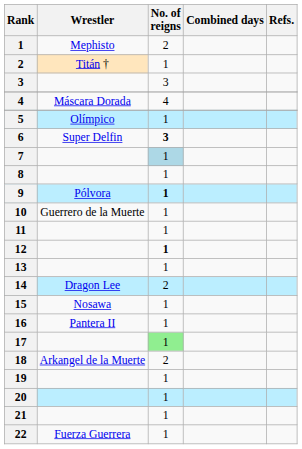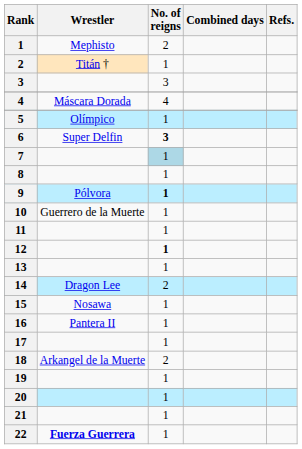 <table class="wikitable sortable" style="text-align: center">
 <tr>
 <th>Rank</th>
 <th>Wrestler</th>
 <th>No. of<br>reigns</th>
 <th>Combined days</th>
 <th>Refs.</th>
 </tr>
 <tr>
 <th scope="row">1</th>
 <td><a href='#'>Mephisto</a></td>
 <td>2</td>
 <td></td>
 <td></td>
 </tr>
 <tr>
 <th scope="row">2</th>
 <td style="background-color:#FFE6BD"><a href='#'>Titán</a> †</td>
 <td>1</td>
 <td></td>
 <td></td>
 </tr>
 <tr>
 <th scope="row">3</th>
 <td></td>
 <td>3</td>
 <td></td>
 <td></td>
 </tr>
 <tr bgcolor="#FFE6BD">
 </tr>
 <tr>
 <th scope="row">4</th>
 <td><a href='#'>Máscara Dorada</a></td>
 <td>4</td>
 <td></td>
 <td></td>
 </tr>
 <tr>
 </tr>
 <tr style="background-color:#bbeeff">
 <th scope="row">5</th>
 <td><a href='#'>Olímpico</a></td>
 <td>1</td>
 <td></td>
 <td></td>
 </tr>
 <tr>
 <th scope="row">6</th>
 <td><a href='#'>Super Delfin</a></td>
 <td><strong>3</strong></td>
 <td></td>
 <td></td>
 </tr>
 <tr>
 <th scope="row">7</th>
 <td></td>
 <td style="background: lightblue;">1</td>
 <td></td>
 <td></td>
 </tr>
 <tr>
 <th scope="row">8</th>
 <td></td>
 <td>1</td>
 <td></td>
 <td></td>
 </tr>
 <tr style="background-color:#bbeeff">
 <th scope="row">9</th>
 <td><a href='#'>Pólvora</a></td>
 <td><strong>1</strong></td>
 <td></td>
 <td></td>
 </tr>
 <tr>
 <th scope="row">10</th>
 <td>Guerrero de la Muerte</td>
 <td>1</td>
 <td></td>
 <td></td>
 </tr>
 <tr>
 <th scope="row">11</th>
 <td></td>
 <td>1</td>
 <td></td>
 <td></td>
 </tr>
 <tr>
 <th scope="row">12</th>
 <td></td>
 <td><strong>1</strong></td>
 <td></td>
 <td></td>
 </tr>
 <tr>
 <th scope="row">13</th>
 <td></td>
 <td>1</td>
 <td></td>
 <td></td>
 </tr>
 <tr style="background-color:#bbeeff">
 <th scope="row">14</th>
 <td><a href='#'>Dragon Lee</a></td>
 <td>2</td>
 <td></td>
 <td></td>
 </tr>
 <tr>
 <th scope="row">15</th>
 <td><a href='#'>Nosawa</a></td>
 <td>1</td>
 <td></td>
 <td></td>
 </tr>
 <tr>
 <th scope="row">16</th>
 <td><a href='#'>Pantera II</a></td>
 <td>1</td>
 <td></td>
 <td></td>
 </tr>
 <tr>
 <th scope="row">17</th>
 <td></td>
-<td style="background: lightgreen;">1</td>
+<td>1</td>
 <td></td>
 <td></td>
 </tr>
 <tr>
 <th scope="row">18</th>
 <td><a href='#'>Arkangel de la Muerte</a></td>
 <td>2</td>
 <td></td>
 <td></td>
 </tr>
 <tr>
 <th scope="row">19</th>
 <td></td>
 <td>1</td>
 <td></td>
 <td></td>
 </tr>
 <tr style="background-color:#bbeeff">
 <th scope="row">20</th>
 <td></td>
 <td>1</td>
 <td></td>
 <td></td>
 </tr>
 <tr>
 <th scope="row">21</th>
 <td></td>
 <td>1</td>
 <td></td>
 <td></td>
 </tr>
 <tr>
 <th scope="row">22</th>
-<td><a href='#'>Fuerza Guerrera</a></td>
+<td><strong><a href='#'>Fuerza Guerrera</a></strong></td>
 <td>1</td>
 <td></td>
 <td></td>
 </tr>
 </table>
